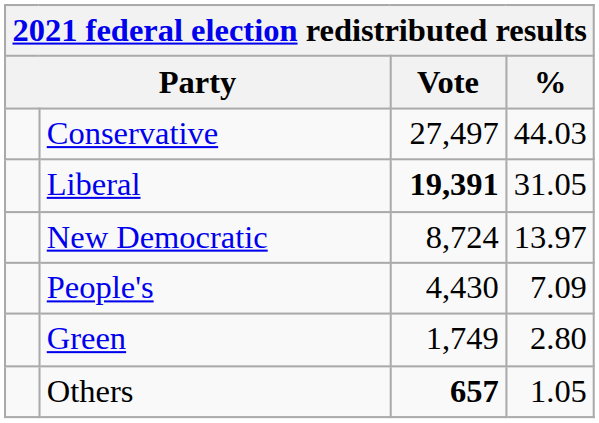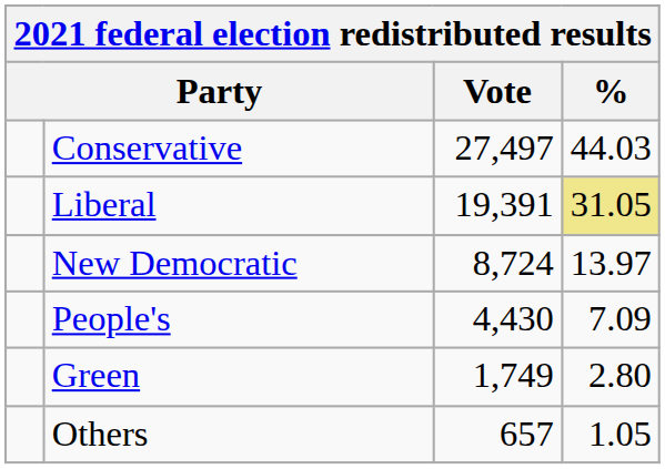 <table class="wikitable">
 <tr>
 <th colspan="4"><a href='#'>2021 federal election</a> redistributed results</th>
 </tr>
 <tr>
 <th bgcolor="#DDDDFF" width="130px" colspan="2">Party</th>
 <th bgcolor="#DDDDFF" width="50px">Vote</th>
 <th bgcolor="#DDDDFF" width="30px">%</th>
 </tr>
 <tr>
 <td> </td>
 <td><a href='#'>Conservative</a></td>
 <td align=right>27,497</td>
 <td align=right>44.03</td>
 </tr>
 <tr>
 <td> </td>
 <td><a href='#'>Liberal</a></td>
-<td align=right><strong>19,391</strong></td>
-<td align=right>31.05</td>
+<td align=right>19,391</td>
+<td align=right style="background: khaki;">31.05</td>
 </tr>
 <tr>
 <td> </td>
 <td><a href='#'>New Democratic</a></td>
 <td align=right>8,724</td>
 <td align=right>13.97</td>
 </tr>
 <tr>
 <td> </td>
 <td><a href='#'>People's</a></td>
 <td align=right>4,430</td>
 <td align=right>7.09</td>
 </tr>
 <tr>
 <td> </td>
 <td><a href='#'>Green</a></td>
 <td align=right>1,749</td>
 <td align=right>2.80</td>
 </tr>
 <tr>
 <td> </td>
 <td>Others</td>
-<td align=right><strong>657</strong></td>
+<td align=right>657</td>
 <td align=right>1.05</td>
 </tr>
 </table>
